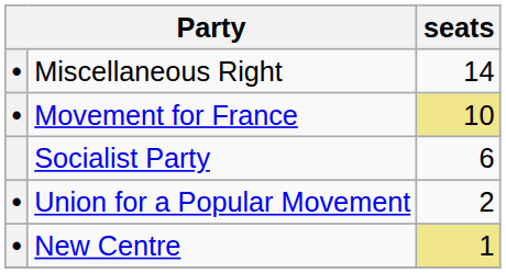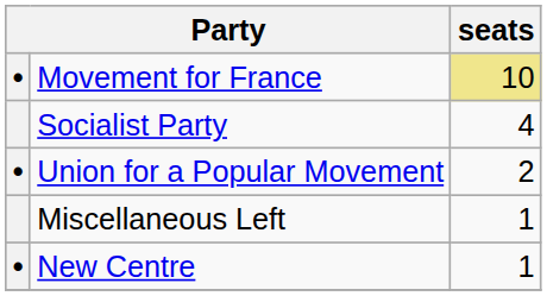 <table class="wikitable" style="font-size: 95%;">
 <tr>
 <th colspan=2>Party</th>
 <th>seats</th>
-</tr>
-<tr>
-<th style="background-color: "><span>•</span></th>
-<td>Miscellaneous Right</td>
-<td align="right">14</td>
 </tr>
 <tr>
 <th style="background-color: "><span>•</span></th>
 <td><a href='#'>Movement for France</a></td>
 <td align="right" style="background: khaki;">10</td>
 </tr>
 <tr>
 <th style="background-color: "></th>
 <td><a href='#'>Socialist Party</a></td>
-<td align="right">6</td>
+<td align="right">4</td>
 </tr>
 <tr>
 <th style="background-color: "><span>•</span></th>
 <td><a href='#'>Union for a Popular Movement</a></td>
 <td align="right">2</td>
 </tr>
 <tr>
+<th style="background-color: "></th>
+<td>Miscellaneous Left</td>
+<td align="right">1</td>
+</tr>
+<tr>
 <th style="background-color: "><span>•</span></th>
 <td><a href='#'>New Centre</a></td>
-<td align="right" style="background: khaki;">1</td>
+<td align="right">1</td>
 </tr>
 <tr>
 </tr>
 </table>
